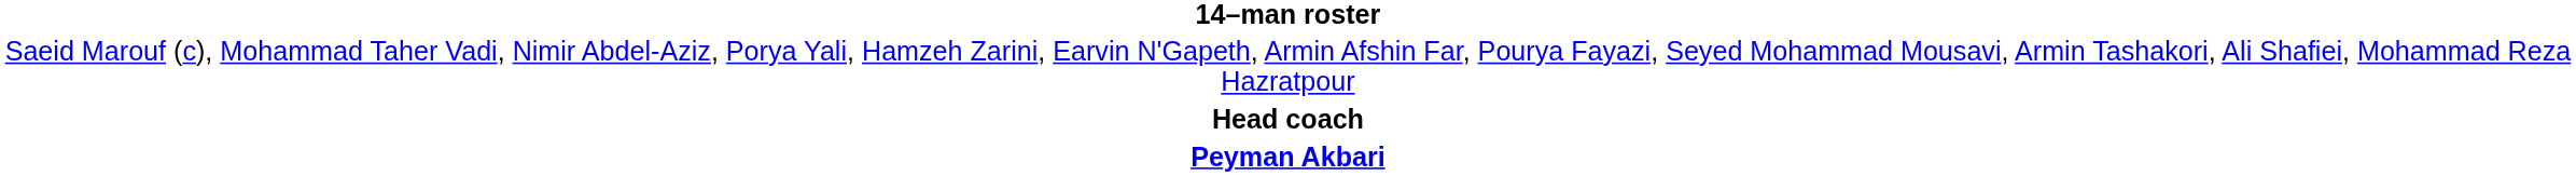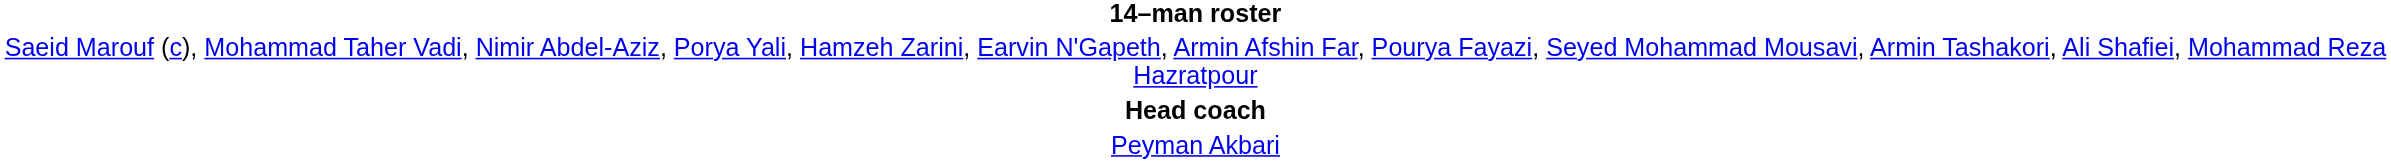 <table style="text-align:center; margin-top:2em; margin-left:auto; margin-right:auto">
 <tr>
 <td><strong>14–man roster</strong></td>
 </tr>
 <tr>
 <td><a href='#'>Saeid Marouf</a> (<a href='#'>c</a>), <a href='#'>Mohammad Taher Vadi</a>, <a href='#'>Nimir Abdel-Aziz</a>, <a href='#'>Porya Yali</a>, <a href='#'>Hamzeh Zarini</a>, <a href='#'>Earvin N'Gapeth</a>, <a href='#'>Armin Afshin Far</a>, <a href='#'>Pourya Fayazi</a>, <a href='#'>Seyed Mohammad Mousavi</a>, <a href='#'>Armin Tashakori</a>, <a href='#'>Ali Shafiei</a>, <a href='#'>Mohammad Reza Hazratpour</a></td>
 </tr>
 <tr>
 <td><strong>Head coach</strong></td>
 </tr>
 <tr>
-<td><strong><a href='#'>Peyman Akbari</a></strong></td>
+<td><a href='#'>Peyman Akbari</a></td>
 </tr>
 </table>
